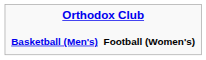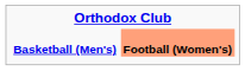 <table class="infobox" style="width: 270px;">
 <tr>
 <th colspan="4"><a href='#'><span>Orthodox Club</span></a></th>
 </tr>
 <tr style="font-size: 85%; text-align: center">
 <td><br><strong><a href='#'>Basketball (Men's)</a></strong></td>
-<td><br><strong>Football (Women's)</strong></td>
+<td style="background: lightsalmon;"><br><strong>Football (Women's)</strong></td>
 </tr>
 <tr style="font-size: 85%; text-align: center">
 <td></td>
 </tr>
 </table>
